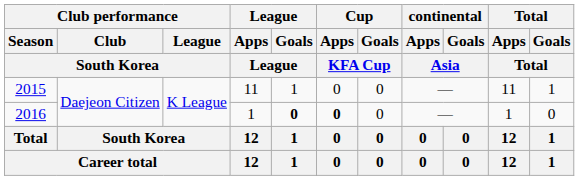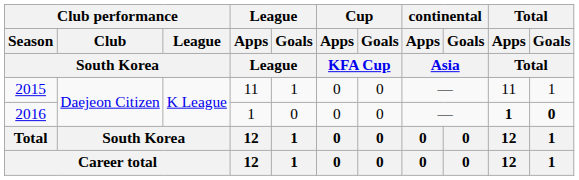 <table class="wikitable" style="text-align:center">
 <tr>
 <th colspan=3>Club performance</th>
 <th colspan=2>League</th>
 <th colspan=2>Cup</th>
 <th colspan=2>continental</th>
 <th colspan=2>Total</th>
 </tr>
 <tr>
 <th>Season</th>
 <th>Club</th>
 <th>League</th>
 <th>Apps</th>
 <th>Goals</th>
 <th>Apps</th>
 <th>Goals</th>
 <th>Apps</th>
 <th>Goals</th>
 <th>Apps</th>
 <th>Goals</th>
 </tr>
 <tr>
 <th colspan=3>South Korea</th>
 <th colspan=2>League</th>
 <th colspan=2><a href='#'>KFA Cup</a></th>
 <th colspan=2><a href='#'>Asia</a></th>
 <th colspan=2>Total</th>
 </tr>
 <tr>
 <td><a href='#'>2015</a></td>
 <td rowspan="2"><a href='#'>Daejeon Citizen</a></td>
 <td rowspan="2"><a href='#'>K League</a></td>
 <td>11</td>
 <td>1</td>
 <td>0</td>
 <td>0</td>
 <td colspan=2>—</td>
 <td>11</td>
 <td>1</td>
 </tr>
 <tr>
 <td><a href='#'>2016</a></td>
 <td>1</td>
-<td><strong>0</strong></td>
-<td><strong>0</strong></td>
+<td>0</td>
+<td>0</td>
 <td>0</td>
 <td colspan=2>—</td>
-<td>1</td>
-<td>0</td>
+<td><strong>1</strong></td>
+<td><strong>0</strong></td>
 </tr>
 <tr>
 <th>Total</th>
 <th colspan=2>South Korea</th>
 <th>12</th>
 <th>1</th>
 <th>0</th>
 <th>0</th>
 <th>0</th>
 <th>0</th>
 <th>12</th>
 <th>1</th>
 </tr>
 <tr>
 <th colspan=3>Career total</th>
 <th>12</th>
 <th>1</th>
 <th>0</th>
 <th>0</th>
 <th>0</th>
 <th>0</th>
 <th>12</th>
 <th>1</th>
 </tr>
 </table>
